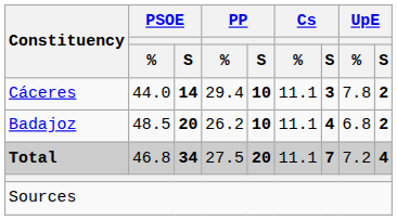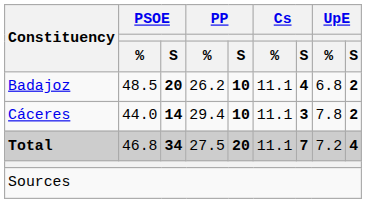 <table class="wikitable sortable" style="text-align:right; line-height:20px;">
 <tr>
 <th rowspan="3">Constituency</th>
 <th colspan="2" width="30px" class="unsortable"><a href='#'>PSOE</a></th>
 <th colspan="2" width="30px" class="unsortable"><a href='#'>PP</a></th>
 <th colspan="2" width="30px" class="unsortable"><a href='#'>Cs</a></th>
 <th colspan="2" width="30px" class="unsortable"><a href='#'>UpE</a></th>
 </tr>
 <tr>
 <th colspan="2" style="background:"></th>
 <th colspan="2" style="background:"></th>
 <th colspan="2" style="background:"></th>
 <th colspan="2" style="background:"></th>
 </tr>
 <tr>
 <th data-sort-type="number">%</th>
 <th data-sort-type="number">S</th>
 <th data-sort-type="number">%</th>
 <th data-sort-type="number">S</th>
 <th data-sort-type="number">%</th>
 <th data-sort-type="number">S</th>
 <th data-sort-type="number">%</th>
 <th data-sort-type="number">S</th>
 </tr>
 <tr>
+<td align="left"><a href='#'>Badajoz</a></td>
+<td style="background:">48.5</td>
+<td><strong>20</strong></td>
+<td>26.2</td>
+<td><strong>10</strong></td>
+<td>11.1</td>
+<td><strong>4</strong></td>
+<td>6.8</td>
+<td><strong>2</strong></td>
+</tr>
+<tr>
 <td align="left"><a href='#'>Cáceres</a></td>
 <td style="background:">44.0</td>
 <td><strong>14</strong></td>
 <td>29.4</td>
 <td><strong>10</strong></td>
 <td>11.1</td>
 <td><strong>3</strong></td>
 <td>7.8</td>
-<td><strong>2</strong></td>
-</tr>
-<tr>
-<td align="left"><a href='#'>Badajoz</a></td>
-<td style="background:">48.5</td>
-<td><strong>20</strong></td>
-<td>26.2</td>
-<td><strong>10</strong></td>
-<td>11.1</td>
-<td><strong>4</strong></td>
-<td>6.8</td>
 <td><strong>2</strong></td>
 </tr>
 <tr style="background:#CDCDCD;">
 <td align="left"><strong>Total</strong></td>
 <td style="background:">46.8</td>
 <td><strong>34</strong></td>
 <td>27.5</td>
 <td><strong>20</strong></td>
 <td>11.1</td>
 <td><strong>7</strong></td>
 <td>7.2</td>
 <td><strong>4</strong></td>
 </tr>
 <tr>
 <th colspan="9"></th>
 </tr>
 <tr>
 <th style="text-align:left; font-weight:normal; background:#F9F9F9" colspan="9">Sources</th>
 </tr>
 </table>
